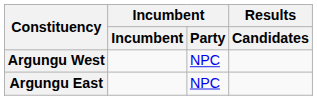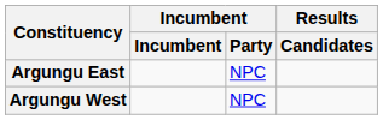 <table class="wikitable sortable">
 <tr>
 <th rowspan="2">Constituency</th>
 <th colspan="2">Incumbent</th>
 <th>Results</th>
 </tr>
 <tr valign="bottom">
 <th>Incumbent</th>
 <th>Party</th>
 <th>Candidates</th>
 </tr>
 <tr>
+<th>Argungu East</th>
+<td></td>
+<td><a href='#'>NPC</a></td>
+<td nowrap=""></td>
+</tr>
+<tr>
 <th>Argungu West</th>
 <td></td>
 <td><a href='#'>NPC</a></td>
 <td nowrap=""></td>
 </tr>
-<tr>
-<th>Argungu East</th>
-<td></td>
-<td><a href='#'>NPC</a></td>
-<td nowrap=""></td>
-</tr>
 </table>
